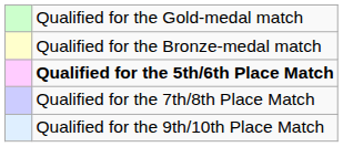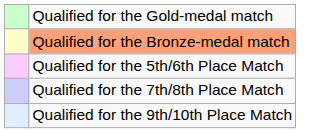 <table class="wikitable">
 <tr>
 <td bgcolor="ccffcc">    </td>
 <td>Qualified for the Gold-medal match</td>
 </tr>
 <tr>
 <td bgcolor="ffffcc">    </td>
-<td>Qualified for the Bronze-medal match</td>
+<td style="background: lightsalmon;">Qualified for the Bronze-medal match</td>
 </tr>
 <tr>
 <td bgcolor="ffccff">    </td>
-<td><strong>Qualified for the 5th/6th Place Match</strong></td>
+<td>Qualified for the 5th/6th Place Match</td>
 </tr>
 <tr>
 <td bgcolor="ccccff">    </td>
 <td>Qualified for the 7th/8th Place Match</td>
 </tr>
 <tr>
 <td bgcolor="dfefff">    </td>
 <td>Qualified for the 9th/10th Place Match</td>
 </tr>
 </table>
